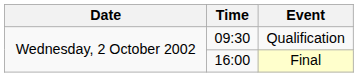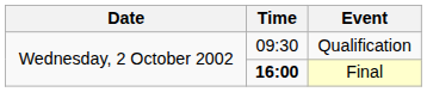 <table class = "wikitable" style="text-align:center;">
 <tr>
 <th width=220>Date</th>
 <th width=50>Time</th>
 <th width=100>Event</th>
 </tr>
 <tr>
 <td rowspan=2>Wednesday, 2 October 2002</td>
 <td>09:30</td>
 <td>Qualification</td>
 </tr>
 <tr>
-<td>16:00</td>
+<td><strong>16:00</strong></td>
 <td bgcolor=ffffcc>Final</td>
 </tr>
 </table>
